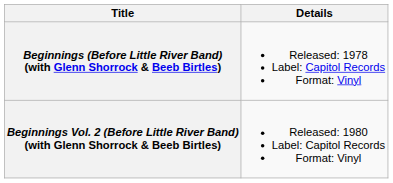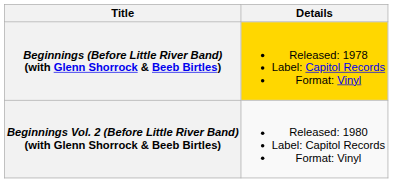 <table class="wikitable plainrowheaders" style="text-align:center;" border="1">
 <tr>
 <th>Title</th>
 <th>Details</th>
 </tr>
 <tr>
 <th scope="row"><em>Beginnings (Before Little River Band)</em> <br> (with <a href='#'>Glenn Shorrock</a> & <a href='#'>Beeb Birtles</a>)</th>
-<td><br><ul><li>Released:  1978</li><li>Label: <a href='#'>Capitol Records</a></li><li>Format: <a href='#'>Vinyl</a></li></ul></td>
+<td style="background: gold;"><br><ul><li>Released:  1978</li><li>Label: <a href='#'>Capitol Records</a></li><li>Format: <a href='#'>Vinyl</a></li></ul></td>
 </tr>
 <tr>
 <th scope="row"><em>Beginnings Vol. 2 (Before Little River Band)</em> <br> (with Glenn Shorrock & Beeb Birtles)</th>
 <td><br><ul><li>Released:  1980</li><li>Label: Capitol Records</li><li>Format: Vinyl</li></ul></td>
 </tr>
 </table>
